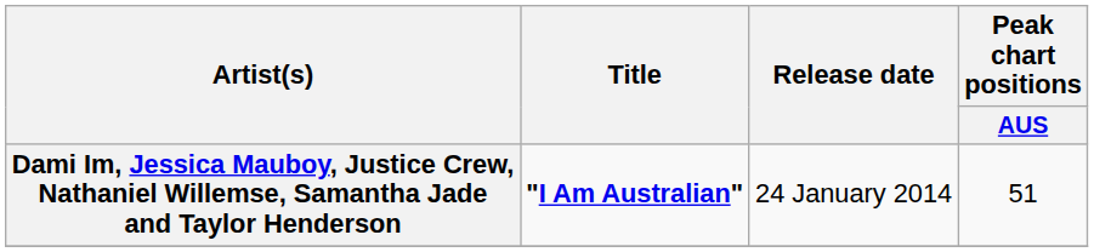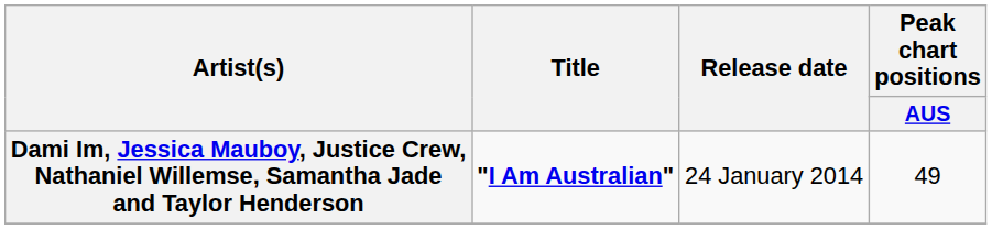 <table class="wikitable plainrowheaders" style="text-align:center;">
 <tr>
 <th scope="col" rowspan="2">Artist(s)</th>
 <th scope="col" rowspan="2">Title</th>
 <th scope="col" rowspan="2">Release date</th>
 <th scope="col" colspan="1">Peak chart positions</th>
 </tr>
 <tr>
 <th scope="col" style="width:3em;font-size:90%;"><a href='#'>AUS</a><br></th>
 </tr>
 <tr>
 <th scope="row">Dami Im, <a href='#'>Jessica Mauboy</a>, Justice Crew,<br>Nathaniel Willemse, Samantha Jade<br>and Taylor Henderson</th>
 <td style="text-align:left;"><strong>"<a href='#'>I Am Australian</a>"</strong></td>
 <td style="text-align:left;">24 January 2014</td>
-<td>51</td>
+<td>49</td>
 </tr>
 <tr>
 </tr>
 </table>
